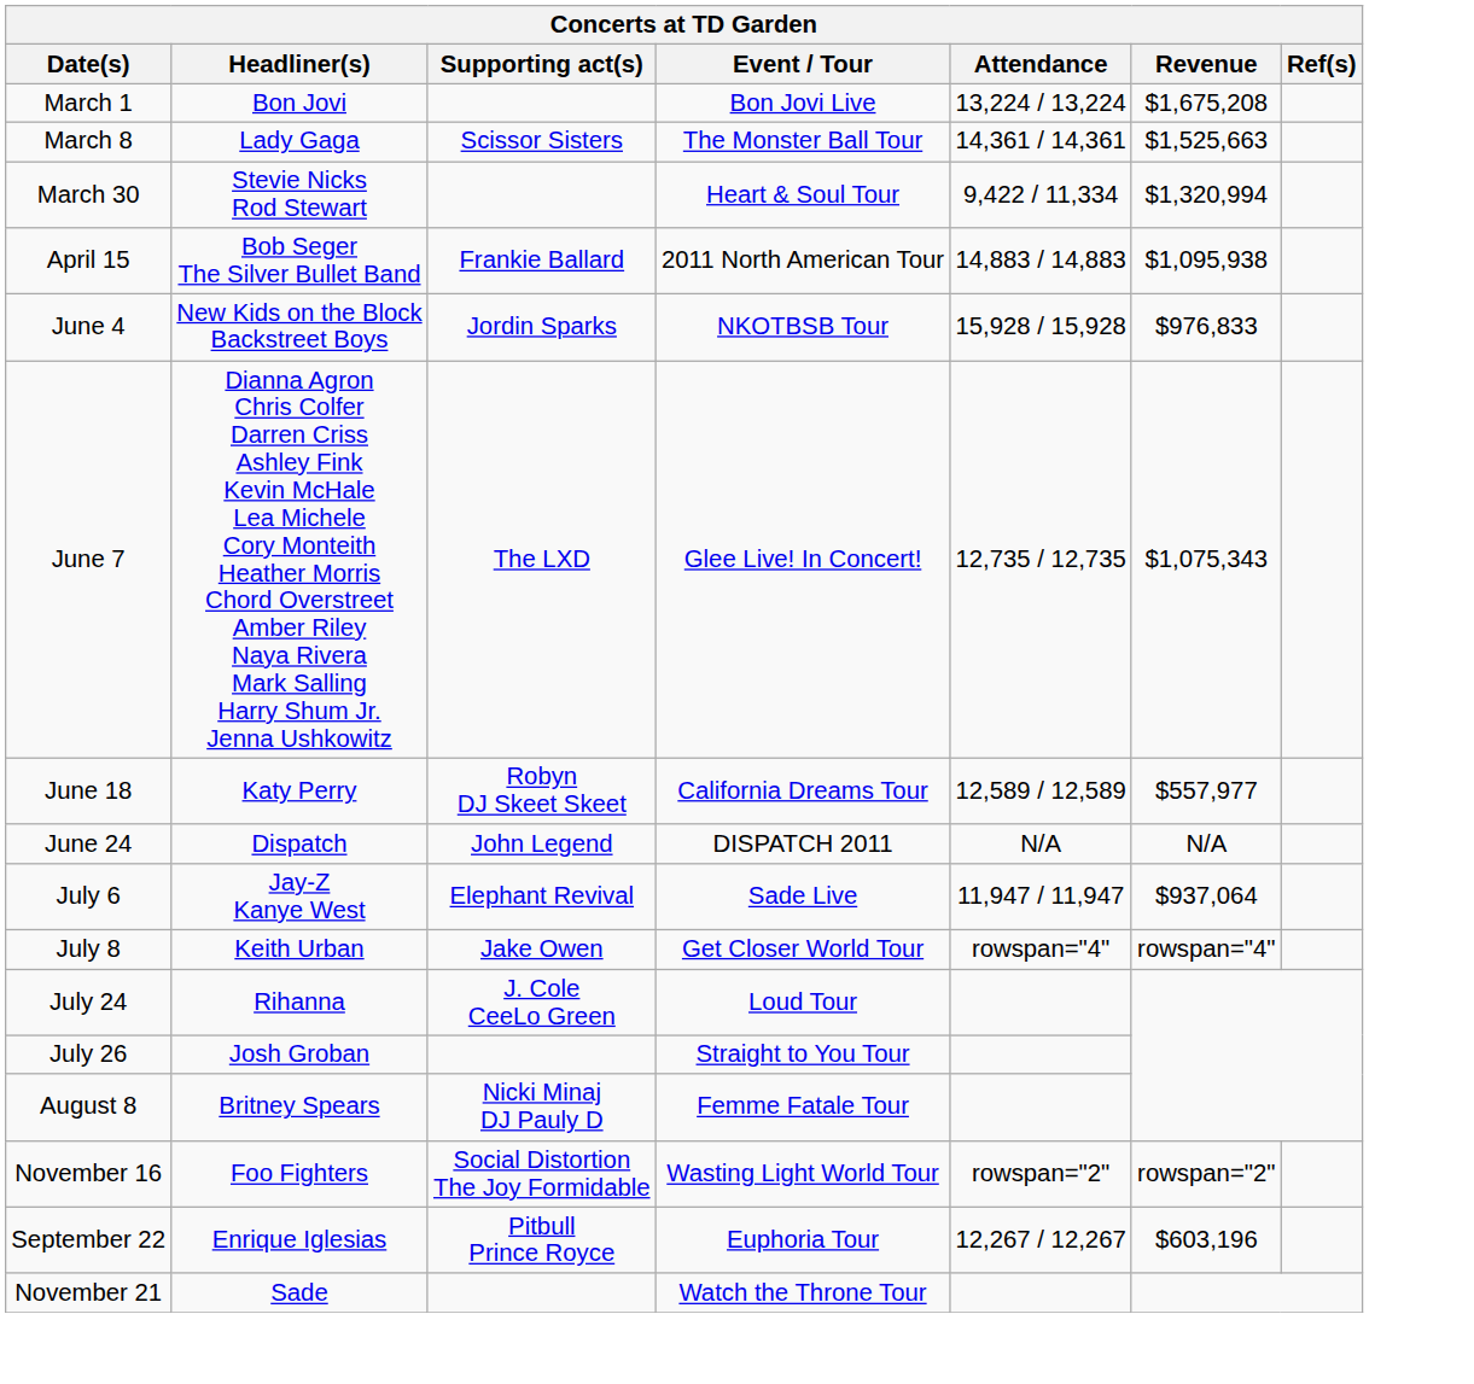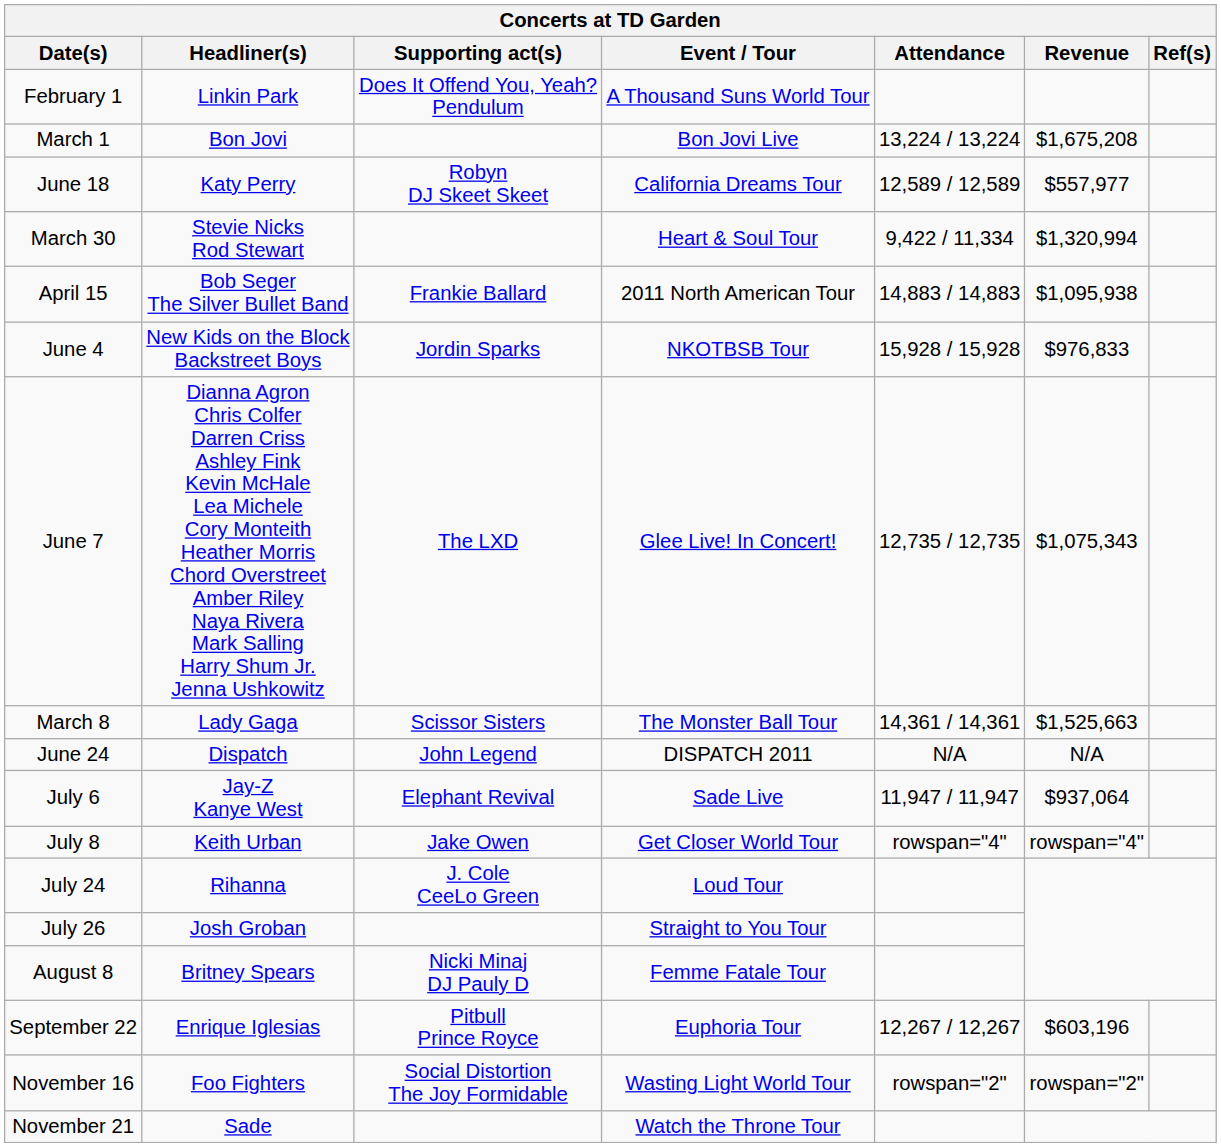 <table class="wikitable mw-collapsible mw-collapsed" style="text-align:center;">
 <tr>
 <th colspan="7">Concerts at TD Garden</th>
 </tr>
 <tr>
 <th>Date(s)</th>
 <th>Headliner(s)</th>
 <th>Supporting act(s)</th>
 <th>Event / Tour</th>
 <th>Attendance</th>
 <th>Revenue</th>
 <th>Ref(s)</th>
 </tr>
 <tr>
+<td>February 1</td>
+<td><a href='#'>Linkin Park</a></td>
+<td><a href='#'>Does It Offend You, Yeah?</a><br><a href='#'>Pendulum</a></td>
+<td><a href='#'>A Thousand Suns World Tour</a></td>
+<td></td>
+<td></td>
+<td></td>
+</tr>
+<tr>
 <td>March 1</td>
 <td><a href='#'>Bon Jovi</a></td>
 <td></td>
 <td><a href='#'>Bon Jovi Live</a></td>
 <td>13,224 / 13,224</td>
 <td>$1,675,208</td>
 <td></td>
 </tr>
 <tr>
-<td>March 8</td>
-<td><a href='#'>Lady Gaga</a></td>
-<td><a href='#'>Scissor Sisters</a></td>
-<td><a href='#'>The Monster Ball Tour</a></td>
-<td>14,361 / 14,361</td>
-<td>$1,525,663</td>
+<td>June 18</td>
+<td><a href='#'>Katy Perry</a></td>
+<td><a href='#'>Robyn</a><br><a href='#'>DJ Skeet Skeet</a></td>
+<td><a href='#'>California Dreams Tour</a></td>
+<td>12,589 / 12,589</td>
+<td>$557,977</td>
 <td></td>
 </tr>
 <tr>
 <td>March 30</td>
 <td><a href='#'>Stevie Nicks</a><br><a href='#'>Rod Stewart</a></td>
 <td></td>
 <td><a href='#'>Heart & Soul Tour</a></td>
 <td>9,422 / 11,334</td>
 <td>$1,320,994</td>
 <td></td>
 </tr>
 <tr>
 <td>April 15</td>
 <td><a href='#'>Bob Seger</a><br><a href='#'>The Silver Bullet Band</a></td>
 <td><a href='#'>Frankie Ballard</a></td>
 <td>2011 North American Tour</td>
 <td>14,883 / 14,883</td>
 <td>$1,095,938</td>
 <td></td>
 </tr>
 <tr>
 <td>June 4</td>
 <td><a href='#'>New Kids on the Block</a><br><a href='#'>Backstreet Boys</a></td>
 <td><a href='#'>Jordin Sparks</a></td>
 <td><a href='#'>NKOTBSB Tour</a></td>
 <td>15,928 / 15,928</td>
 <td>$976,833</td>
 <td></td>
 </tr>
 <tr>
 <td>June 7</td>
 <td><a href='#'>Dianna Agron</a><br><a href='#'>Chris Colfer</a><br><a href='#'>Darren Criss</a><br><a href='#'>Ashley Fink</a><br><a href='#'>Kevin McHale</a><br><a href='#'>Lea Michele</a><br><a href='#'>Cory Monteith</a><br><a href='#'>Heather Morris</a><br><a href='#'>Chord Overstreet</a><br><a href='#'>Amber Riley</a><br><a href='#'>Naya Rivera</a><br><a href='#'>Mark Salling</a><br><a href='#'>Harry Shum Jr.</a><br><a href='#'>Jenna Ushkowitz</a></td>
 <td><a href='#'>The LXD</a></td>
 <td><a href='#'>Glee Live! In Concert!</a></td>
 <td>12,735 / 12,735</td>
 <td>$1,075,343</td>
 <td></td>
 </tr>
 <tr>
-<td>June 18</td>
-<td><a href='#'>Katy Perry</a></td>
-<td><a href='#'>Robyn</a><br><a href='#'>DJ Skeet Skeet</a></td>
-<td><a href='#'>California Dreams Tour</a></td>
-<td>12,589 / 12,589</td>
-<td>$557,977</td>
+<td>March 8</td>
+<td><a href='#'>Lady Gaga</a></td>
+<td><a href='#'>Scissor Sisters</a></td>
+<td><a href='#'>The Monster Ball Tour</a></td>
+<td>14,361 / 14,361</td>
+<td>$1,525,663</td>
 <td></td>
 </tr>
 <tr>
 <td>June 24</td>
 <td><a href='#'>Dispatch</a></td>
 <td><a href='#'>John Legend</a></td>
 <td>DISPATCH 2011</td>
 <td>N/A</td>
 <td>N/A</td>
 <td></td>
 </tr>
 <tr>
 <td>July 6</td>
 <td><a href='#'>Jay-Z</a><br><a href='#'>Kanye West</a></td>
 <td><a href='#'>Elephant Revival</a></td>
 <td><a href='#'>Sade Live</a></td>
 <td>11,947 / 11,947</td>
 <td>$937,064</td>
 <td></td>
 </tr>
 <tr>
 <td>July 8</td>
 <td><a href='#'>Keith Urban</a></td>
 <td><a href='#'>Jake Owen</a></td>
 <td><a href='#'>Get Closer World Tour</a></td>
 <td>rowspan="4" </td>
 <td>rowspan="4" </td>
 <td></td>
 </tr>
 <tr>
 <td>July 24</td>
 <td><a href='#'>Rihanna</a></td>
 <td><a href='#'>J. Cole</a><br><a href='#'>CeeLo Green</a></td>
 <td><a href='#'>Loud Tour</a></td>
 <td></td>
 </tr>
 <tr>
 <td>July 26</td>
 <td><a href='#'>Josh Groban</a></td>
 <td></td>
 <td><a href='#'>Straight to You Tour</a></td>
 <td></td>
 </tr>
 <tr>
 <td>August 8</td>
 <td><a href='#'>Britney Spears</a></td>
 <td><a href='#'>Nicki Minaj</a> <br> <a href='#'>DJ Pauly D</a></td>
 <td><a href='#'>Femme Fatale Tour</a></td>
 <td></td>
 </tr>
 <tr>
+<td>September 22</td>
+<td><a href='#'>Enrique Iglesias</a></td>
+<td><a href='#'>Pitbull</a><br><a href='#'>Prince Royce</a></td>
+<td><a href='#'>Euphoria Tour</a></td>
+<td>12,267 / 12,267</td>
+<td>$603,196</td>
+<td></td>
+</tr>
+<tr>
 <td>November 16</td>
 <td><a href='#'>Foo Fighters</a></td>
 <td><a href='#'>Social Distortion</a><br><a href='#'>The Joy Formidable</a></td>
 <td><a href='#'>Wasting Light World Tour</a></td>
 <td>rowspan="2" </td>
 <td>rowspan="2" </td>
-<td></td>
-</tr>
-<tr>
-<td>September 22</td>
-<td><a href='#'>Enrique Iglesias</a></td>
-<td><a href='#'>Pitbull</a><br><a href='#'>Prince Royce</a></td>
-<td><a href='#'>Euphoria Tour</a></td>
-<td>12,267 / 12,267</td>
-<td>$603,196</td>
 <td></td>
 </tr>
 <tr>
 <td>November 21</td>
 <td><a href='#'>Sade</a></td>
 <td></td>
 <td><a href='#'>Watch the Throne Tour</a></td>
 <td></td>
 </tr>
 </table>
